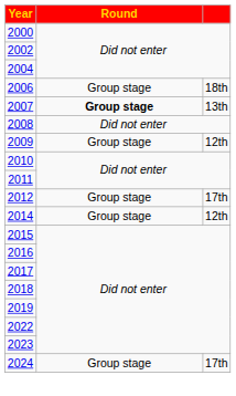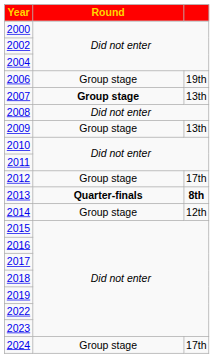 <table class="wikitable" style="text-align: center; font-size:90%">
 <tr style="color:gold;">
 <th style="background:#FF0000;">Year</th>
 <th style="background:#FF0000; width:200px">Round</th>
 <th style="background:#FF0000;"></th>
 </tr>
 <tr>
 <td><a href='#'>2000</a></td>
 <td colspan="2" rowspan="3"><em>Did not enter</em></td>
 </tr>
 <tr>
 <td><a href='#'>2002</a></td>
 </tr>
 <tr>
 <td><a href='#'>2004</a></td>
 </tr>
 <tr>
 <td><a href='#'>2006</a></td>
 <td>Group stage</td>
-<td>18th</td>
+<td>19th</td>
 </tr>
 <tr>
 <td><a href='#'>2007</a></td>
 <td><strong>Group stage</strong></td>
 <td>13th</td>
 </tr>
 <tr>
 <td><a href='#'>2008</a></td>
 <td colspan="2"><em>Did not enter</em></td>
 </tr>
 <tr>
 <td><a href='#'>2009</a></td>
 <td>Group stage</td>
-<td>12th</td>
+<td>13th</td>
 </tr>
 <tr>
 <td><a href='#'>2010</a></td>
 <td colspan="2" rowspan="2"><em>Did not enter</em></td>
 </tr>
 <tr>
 <td><a href='#'>2011</a></td>
 </tr>
 <tr>
 <td><a href='#'>2012</a></td>
 <td>Group stage</td>
 <td>17th</td>
+</tr>
+<tr>
+<td><a href='#'>2013</a></td>
+<td><strong>Quarter-finals</strong></td>
+<td><strong>8th</strong></td>
 </tr>
 <tr>
 <td><a href='#'>2014</a></td>
 <td>Group stage</td>
 <td>12th</td>
 </tr>
 <tr>
 <td><a href='#'>2015</a></td>
 <td colspan="2" rowspan="7"><em>Did not enter</em></td>
 </tr>
 <tr>
 <td><a href='#'>2016</a></td>
 </tr>
 <tr>
 <td><a href='#'>2017</a></td>
 </tr>
 <tr>
 <td><a href='#'>2018</a></td>
 </tr>
 <tr>
 <td><a href='#'>2019</a></td>
 </tr>
 <tr>
 <td><a href='#'>2022</a></td>
 </tr>
 <tr>
 <td><a href='#'>2023</a></td>
 </tr>
 <tr>
 <td><a href='#'>2024</a></td>
 <td>Group stage</td>
 <td>17th</td>
 </tr>
 </table>
